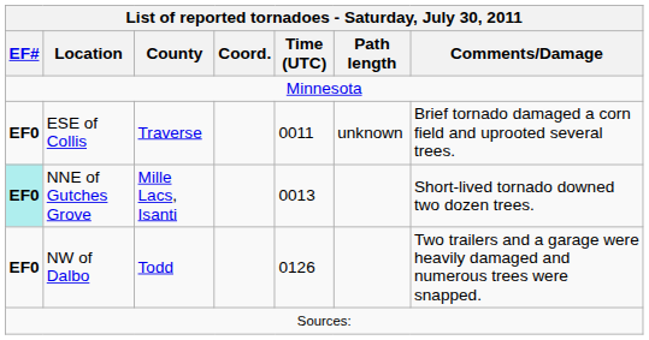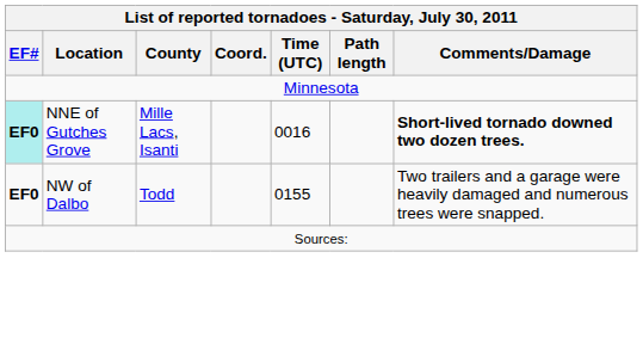 <table class="wikitable collapsible" width="100%">
 <tr>
 <th colspan="7">List of reported tornadoes - Saturday, July 30, 2011</th>
 </tr>
 <tr>
 <th><a href='#'>EF#</a></th>
 <th>Location</th>
 <th>County</th>
 <th>Coord.</th>
 <th>Time (UTC)</th>
 <th>Path length</th>
 <th>Comments/Damage</th>
 </tr>
 <tr>
 <td colspan="7" align=center><a href='#'>Minnesota</a></td>
 </tr>
 <tr>
-<td><strong>EF0</strong></td>
-<td>ESE of <a href='#'>Collis</a></td>
-<td><a href='#'>Traverse</a></td>
-<td></td>
-<td>0011</td>
-<td>unknown</td>
-<td>Brief tornado damaged a corn field and uprooted several trees.</td>
-</tr>
-<tr>
 <td style="background: paleturquoise;"><strong>EF0</strong></td>
 <td>NNE of <a href='#'>Gutches Grove</a></td>
 <td><a href='#'>Mille Lacs</a>, <a href='#'>Isanti</a></td>
 <td></td>
-<td>0013</td>
+<td>0016</td>
 <td></td>
-<td>Short-lived tornado downed two dozen trees.</td>
+<td><strong>Short-lived tornado downed two dozen trees.</strong></td>
 </tr>
 <tr>
 <td><strong>EF0</strong></td>
 <td>NW of <a href='#'>Dalbo</a></td>
 <td><a href='#'>Todd</a></td>
 <td></td>
-<td>0126</td>
+<td>0155</td>
 <td></td>
 <td>Two trailers and a garage were heavily damaged and numerous trees were snapped.</td>
 </tr>
 <tr>
 <td colspan="7" align=center><small>Sources:  </small></td>
 </tr>
 </table>
